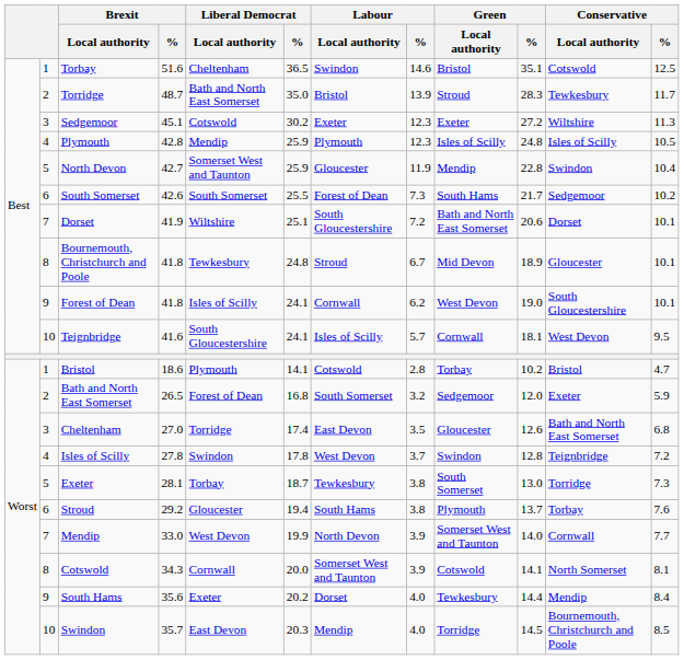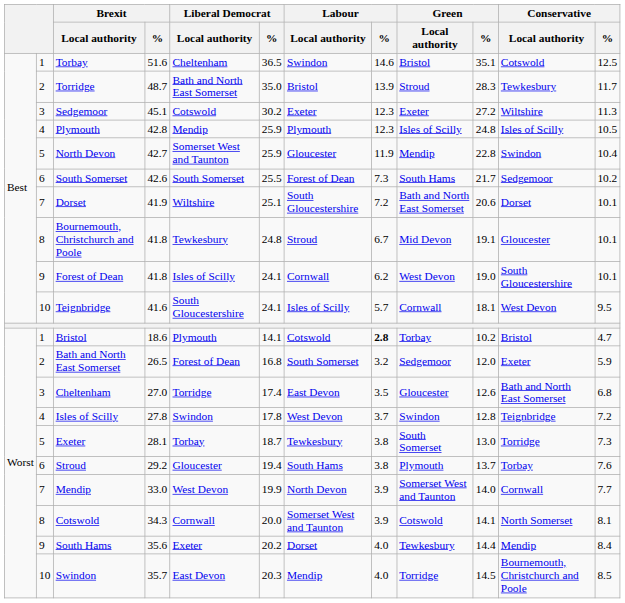 <table class="wikitable">
 <tr>
 <th colspan="2" rowspan="2"></th>
 <th colspan="2">Brexit</th>
 <th colspan="2">Liberal Democrat</th>
 <th colspan="2">Labour</th>
 <th colspan="2">Green</th>
 <th colspan="2">Conservative</th>
 </tr>
 <tr>
 <th style="text-align:center;">Local authority</th>
 <th style="text-align:center;">%</th>
 <th>Local authority</th>
 <th>%</th>
 <th>Local authority</th>
 <th>%</th>
 <th>Local authority</th>
 <th>%</th>
 <th>Local authority</th>
 <th>%</th>
 </tr>
 <tr>
 <td rowspan="10">Best</td>
 <td>1</td>
 <td><a href='#'>Torbay</a></td>
 <td>51.6</td>
 <td><a href='#'>Cheltenham</a></td>
 <td>36.5</td>
 <td><a href='#'>Swindon</a></td>
 <td>14.6</td>
 <td><a href='#'>Bristol</a></td>
 <td>35.1</td>
 <td><a href='#'>Cotswold</a></td>
 <td>12.5</td>
 </tr>
 <tr>
 <td>2</td>
 <td><a href='#'>Torridge</a></td>
 <td>48.7</td>
 <td><a href='#'>Bath and North East Somerset</a></td>
 <td>35.0</td>
 <td><a href='#'>Bristol</a></td>
 <td>13.9</td>
 <td><a href='#'>Stroud</a></td>
 <td>28.3</td>
 <td><a href='#'>Tewkesbury</a></td>
 <td>11.7</td>
 </tr>
 <tr>
 <td>3</td>
 <td><a href='#'>Sedgemoor</a></td>
 <td>45.1</td>
 <td><a href='#'>Cotswold</a></td>
 <td>30.2</td>
 <td><a href='#'>Exeter</a></td>
 <td>12.3</td>
 <td><a href='#'>Exeter</a></td>
 <td>27.2</td>
 <td><a href='#'>Wiltshire</a></td>
 <td>11.3</td>
 </tr>
 <tr>
 <td>4</td>
 <td><a href='#'>Plymouth</a></td>
 <td>42.8</td>
 <td><a href='#'>Mendip</a></td>
 <td>25.9</td>
 <td><a href='#'>Plymouth</a></td>
 <td>12.3</td>
 <td><a href='#'>Isles of Scilly</a></td>
 <td>24.8</td>
 <td><a href='#'>Isles of Scilly</a></td>
 <td>10.5</td>
 </tr>
 <tr>
 <td>5</td>
 <td><a href='#'>North Devon</a></td>
 <td>42.7</td>
 <td><a href='#'>Somerset West and Taunton</a></td>
 <td>25.9</td>
 <td><a href='#'>Gloucester</a></td>
 <td>11.9</td>
 <td><a href='#'>Mendip</a></td>
 <td>22.8</td>
 <td><a href='#'>Swindon</a></td>
 <td>10.4</td>
 </tr>
 <tr>
 <td>6</td>
 <td><a href='#'>South Somerset</a></td>
 <td>42.6</td>
 <td><a href='#'>South Somerset</a></td>
 <td>25.5</td>
 <td><a href='#'>Forest of Dean</a></td>
 <td>7.3</td>
 <td><a href='#'>South Hams</a></td>
 <td>21.7</td>
 <td><a href='#'>Sedgemoor</a></td>
 <td>10.2</td>
 </tr>
 <tr>
 <td>7</td>
 <td><a href='#'>Dorset</a></td>
 <td>41.9</td>
 <td><a href='#'>Wiltshire</a></td>
 <td>25.1</td>
 <td><a href='#'>South Gloucestershire</a></td>
 <td>7.2</td>
 <td><a href='#'>Bath and North East Somerset</a></td>
 <td>20.6</td>
 <td><a href='#'>Dorset</a></td>
 <td>10.1</td>
 </tr>
 <tr>
 <td>8</td>
 <td><a href='#'>Bournemouth, Christchurch and Poole</a></td>
 <td>41.8</td>
 <td><a href='#'>Tewkesbury</a></td>
 <td>24.8</td>
 <td><a href='#'>Stroud</a></td>
 <td>6.7</td>
 <td><a href='#'>Mid Devon</a></td>
-<td>18.9</td>
+<td>19.1</td>
 <td><a href='#'>Gloucester</a></td>
 <td>10.1</td>
 </tr>
 <tr>
 <td>9</td>
 <td><a href='#'>Forest of Dean</a></td>
 <td>41.8</td>
 <td><a href='#'>Isles of Scilly</a></td>
 <td>24.1</td>
 <td><a href='#'>Cornwall</a></td>
 <td>6.2</td>
 <td><a href='#'>West Devon</a></td>
 <td>19.0</td>
 <td><a href='#'>South Gloucestershire</a></td>
 <td>10.1</td>
 </tr>
 <tr>
 <td>10</td>
 <td><a href='#'>Teignbridge</a></td>
 <td>41.6</td>
 <td><a href='#'>South Gloucestershire</a></td>
 <td>24.1</td>
 <td><a href='#'>Isles of Scilly</a></td>
 <td>5.7</td>
 <td><a href='#'>Cornwall</a></td>
 <td>18.1</td>
 <td><a href='#'>West Devon</a></td>
 <td>9.5</td>
 </tr>
 <tr>
 <th colspan="14"></th>
 </tr>
 <tr>
 <td rowspan="10">Worst</td>
 <td>1</td>
 <td><a href='#'>Bristol</a></td>
 <td>18.6</td>
 <td><a href='#'>Plymouth</a></td>
 <td>14.1</td>
 <td><a href='#'>Cotswold</a></td>
-<td>2.8</td>
+<td><strong>2.8</strong></td>
 <td><a href='#'>Torbay</a></td>
 <td>10.2</td>
 <td><a href='#'>Bristol</a></td>
 <td>4.7</td>
 </tr>
 <tr>
 <td>2</td>
 <td><a href='#'>Bath and North East Somerset</a></td>
 <td>26.5</td>
 <td><a href='#'>Forest of Dean</a></td>
 <td>16.8</td>
 <td><a href='#'>South Somerset</a></td>
 <td>3.2</td>
 <td><a href='#'>Sedgemoor</a></td>
 <td>12.0</td>
 <td><a href='#'>Exeter</a></td>
 <td>5.9</td>
 </tr>
 <tr>
 <td>3</td>
 <td><a href='#'>Cheltenham</a></td>
 <td>27.0</td>
 <td><a href='#'>Torridge</a></td>
 <td>17.4</td>
 <td><a href='#'>East Devon</a></td>
 <td>3.5</td>
 <td><a href='#'>Gloucester</a></td>
 <td>12.6</td>
 <td><a href='#'>Bath and North East Somerset</a></td>
 <td>6.8</td>
 </tr>
 <tr>
 <td>4</td>
 <td><a href='#'>Isles of Scilly</a></td>
 <td>27.8</td>
 <td><a href='#'>Swindon</a></td>
 <td>17.8</td>
 <td><a href='#'>West Devon</a></td>
 <td>3.7</td>
 <td><a href='#'>Swindon</a></td>
 <td>12.8</td>
 <td><a href='#'>Teignbridge</a></td>
 <td>7.2</td>
 </tr>
 <tr>
 <td>5</td>
 <td><a href='#'>Exeter</a></td>
 <td>28.1</td>
 <td><a href='#'>Torbay</a></td>
 <td>18.7</td>
 <td><a href='#'>Tewkesbury</a></td>
 <td>3.8</td>
 <td><a href='#'>South Somerset</a></td>
 <td>13.0</td>
 <td><a href='#'>Torridge</a></td>
 <td>7.3</td>
 </tr>
 <tr>
 <td>6</td>
 <td><a href='#'>Stroud</a></td>
 <td>29.2</td>
 <td><a href='#'>Gloucester</a></td>
 <td>19.4</td>
 <td><a href='#'>South Hams</a></td>
 <td>3.8</td>
 <td><a href='#'>Plymouth</a></td>
 <td>13.7</td>
 <td><a href='#'>Torbay</a></td>
 <td>7.6</td>
 </tr>
 <tr>
 <td>7</td>
 <td><a href='#'>Mendip</a></td>
 <td>33.0</td>
 <td><a href='#'>West Devon</a></td>
 <td>19.9</td>
 <td><a href='#'>North Devon</a></td>
 <td>3.9</td>
 <td><a href='#'>Somerset West and Taunton</a></td>
 <td>14.0</td>
 <td><a href='#'>Cornwall</a></td>
 <td>7.7</td>
 </tr>
 <tr>
 <td>8</td>
 <td><a href='#'>Cotswold</a></td>
 <td>34.3</td>
 <td><a href='#'>Cornwall</a></td>
 <td>20.0</td>
 <td><a href='#'>Somerset West and Taunton</a></td>
 <td>3.9</td>
 <td><a href='#'>Cotswold</a></td>
 <td>14.1</td>
 <td><a href='#'>North Somerset</a></td>
 <td>8.1</td>
 </tr>
 <tr>
 <td>9</td>
 <td><a href='#'>South Hams</a></td>
 <td>35.6</td>
 <td><a href='#'>Exeter</a></td>
 <td>20.2</td>
 <td><a href='#'>Dorset</a></td>
 <td>4.0</td>
 <td><a href='#'>Tewkesbury</a></td>
 <td>14.4</td>
 <td><a href='#'>Mendip</a></td>
 <td>8.4</td>
 </tr>
 <tr>
 <td>10</td>
 <td><a href='#'>Swindon</a></td>
 <td>35.7</td>
 <td><a href='#'>East Devon</a></td>
 <td>20.3</td>
 <td><a href='#'>Mendip</a></td>
 <td>4.0</td>
 <td><a href='#'>Torridge</a></td>
 <td>14.5</td>
 <td><a href='#'>Bournemouth, Christchurch and Poole</a></td>
 <td>8.5</td>
 </tr>
 </table>
